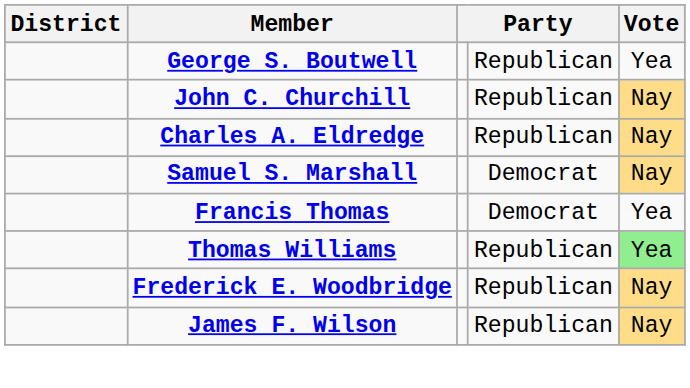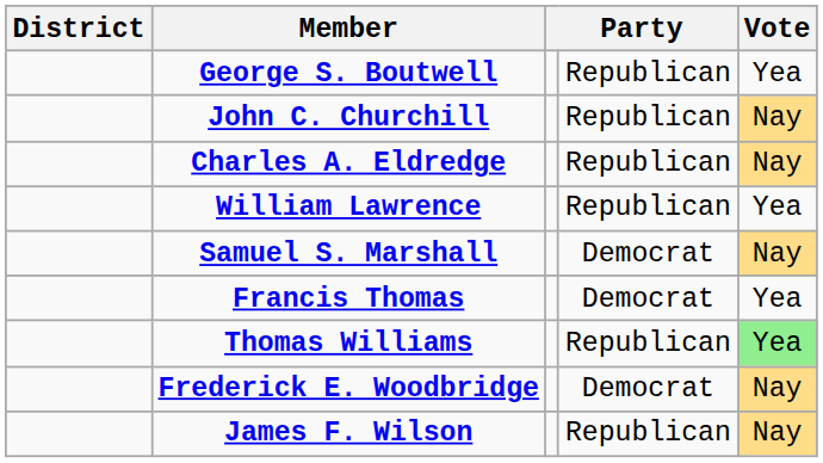 <table class="wikitable sortable" style="text-align:center;">
 <tr>
 <th>District</th>
 <th>Member</th>
 <th colspan=2>Party</th>
 <th>Vote</th>
 </tr>
 <tr>
 <td></td>
 <td data-sort-value="Boutwell, George S."><strong><a href='#'>George S. Boutwell</a></strong></td>
 <td style="background-color:"></td>
 <td>Republican</td>
 <td>Yea</td>
 </tr>
 <tr>
 <td></td>
 <td data-sort-value="Churchill, John C."><strong><a href='#'>John C. Churchill</a></strong></td>
 <td style="background-color:"></td>
 <td>Republican</td>
 <td style="background:#ffdd88">Nay</td>
 </tr>
 <tr>
 <td></td>
 <td data-sort-value="Edredge, Charles A."><strong><a href='#'>Charles A. Eldredge</a></strong></td>
 <td style="background-color:"></td>
 <td>Republican</td>
 <td style="background:#ffdd88">Nay</td>
 </tr>
 <tr>
 <td></td>
+<td data-sort-value="Lawrence, William"><strong><a href='#'>William Lawrence</a></strong></td>
+<td style="background-color:"></td>
+<td>Republican</td>
+<td>Yea</td>
+</tr>
+<tr>
+<td></td>
 <td data-sort-value="Marshall, Samuel S."><strong><a href='#'>Samuel S. Marshall</a></strong></td>
 <td style="background-color:"></td>
 <td>Democrat</td>
 <td style="background:#ffdd88">Nay</td>
 </tr>
 <tr>
 <td></td>
 <td data-sort-value="Thomas, Francis"><strong><a href='#'>Francis Thomas</a></strong></td>
 <td style="background-color:"></td>
 <td>Democrat</td>
 <td>Yea</td>
 </tr>
 <tr>
 <td></td>
 <td data-sort-value="Williams, Thomas"><strong><a href='#'>Thomas Williams</a></strong></td>
 <td style="background-color:"></td>
 <td>Republican</td>
 <td style="background: lightgreen;">Yea</td>
 </tr>
 <tr>
 <td></td>
 <td data-sort-value="Woodbridge, Frederick E."><strong><a href='#'>Frederick E. Woodbridge</a></strong></td>
 <td style="background-color:"></td>
-<td>Republican</td>
+<td>Democrat</td>
 <td style="background:#ffdd88">Nay</td>
 </tr>
 <tr>
 <td></td>
 <td data-sort-value="Wilson, James F."><strong><a href='#'>James F. Wilson</a></strong></td>
 <td style="background-color:"></td>
 <td>Republican</td>
 <td style="background:#ffdd88">Nay</td>
 </tr>
 </table>
